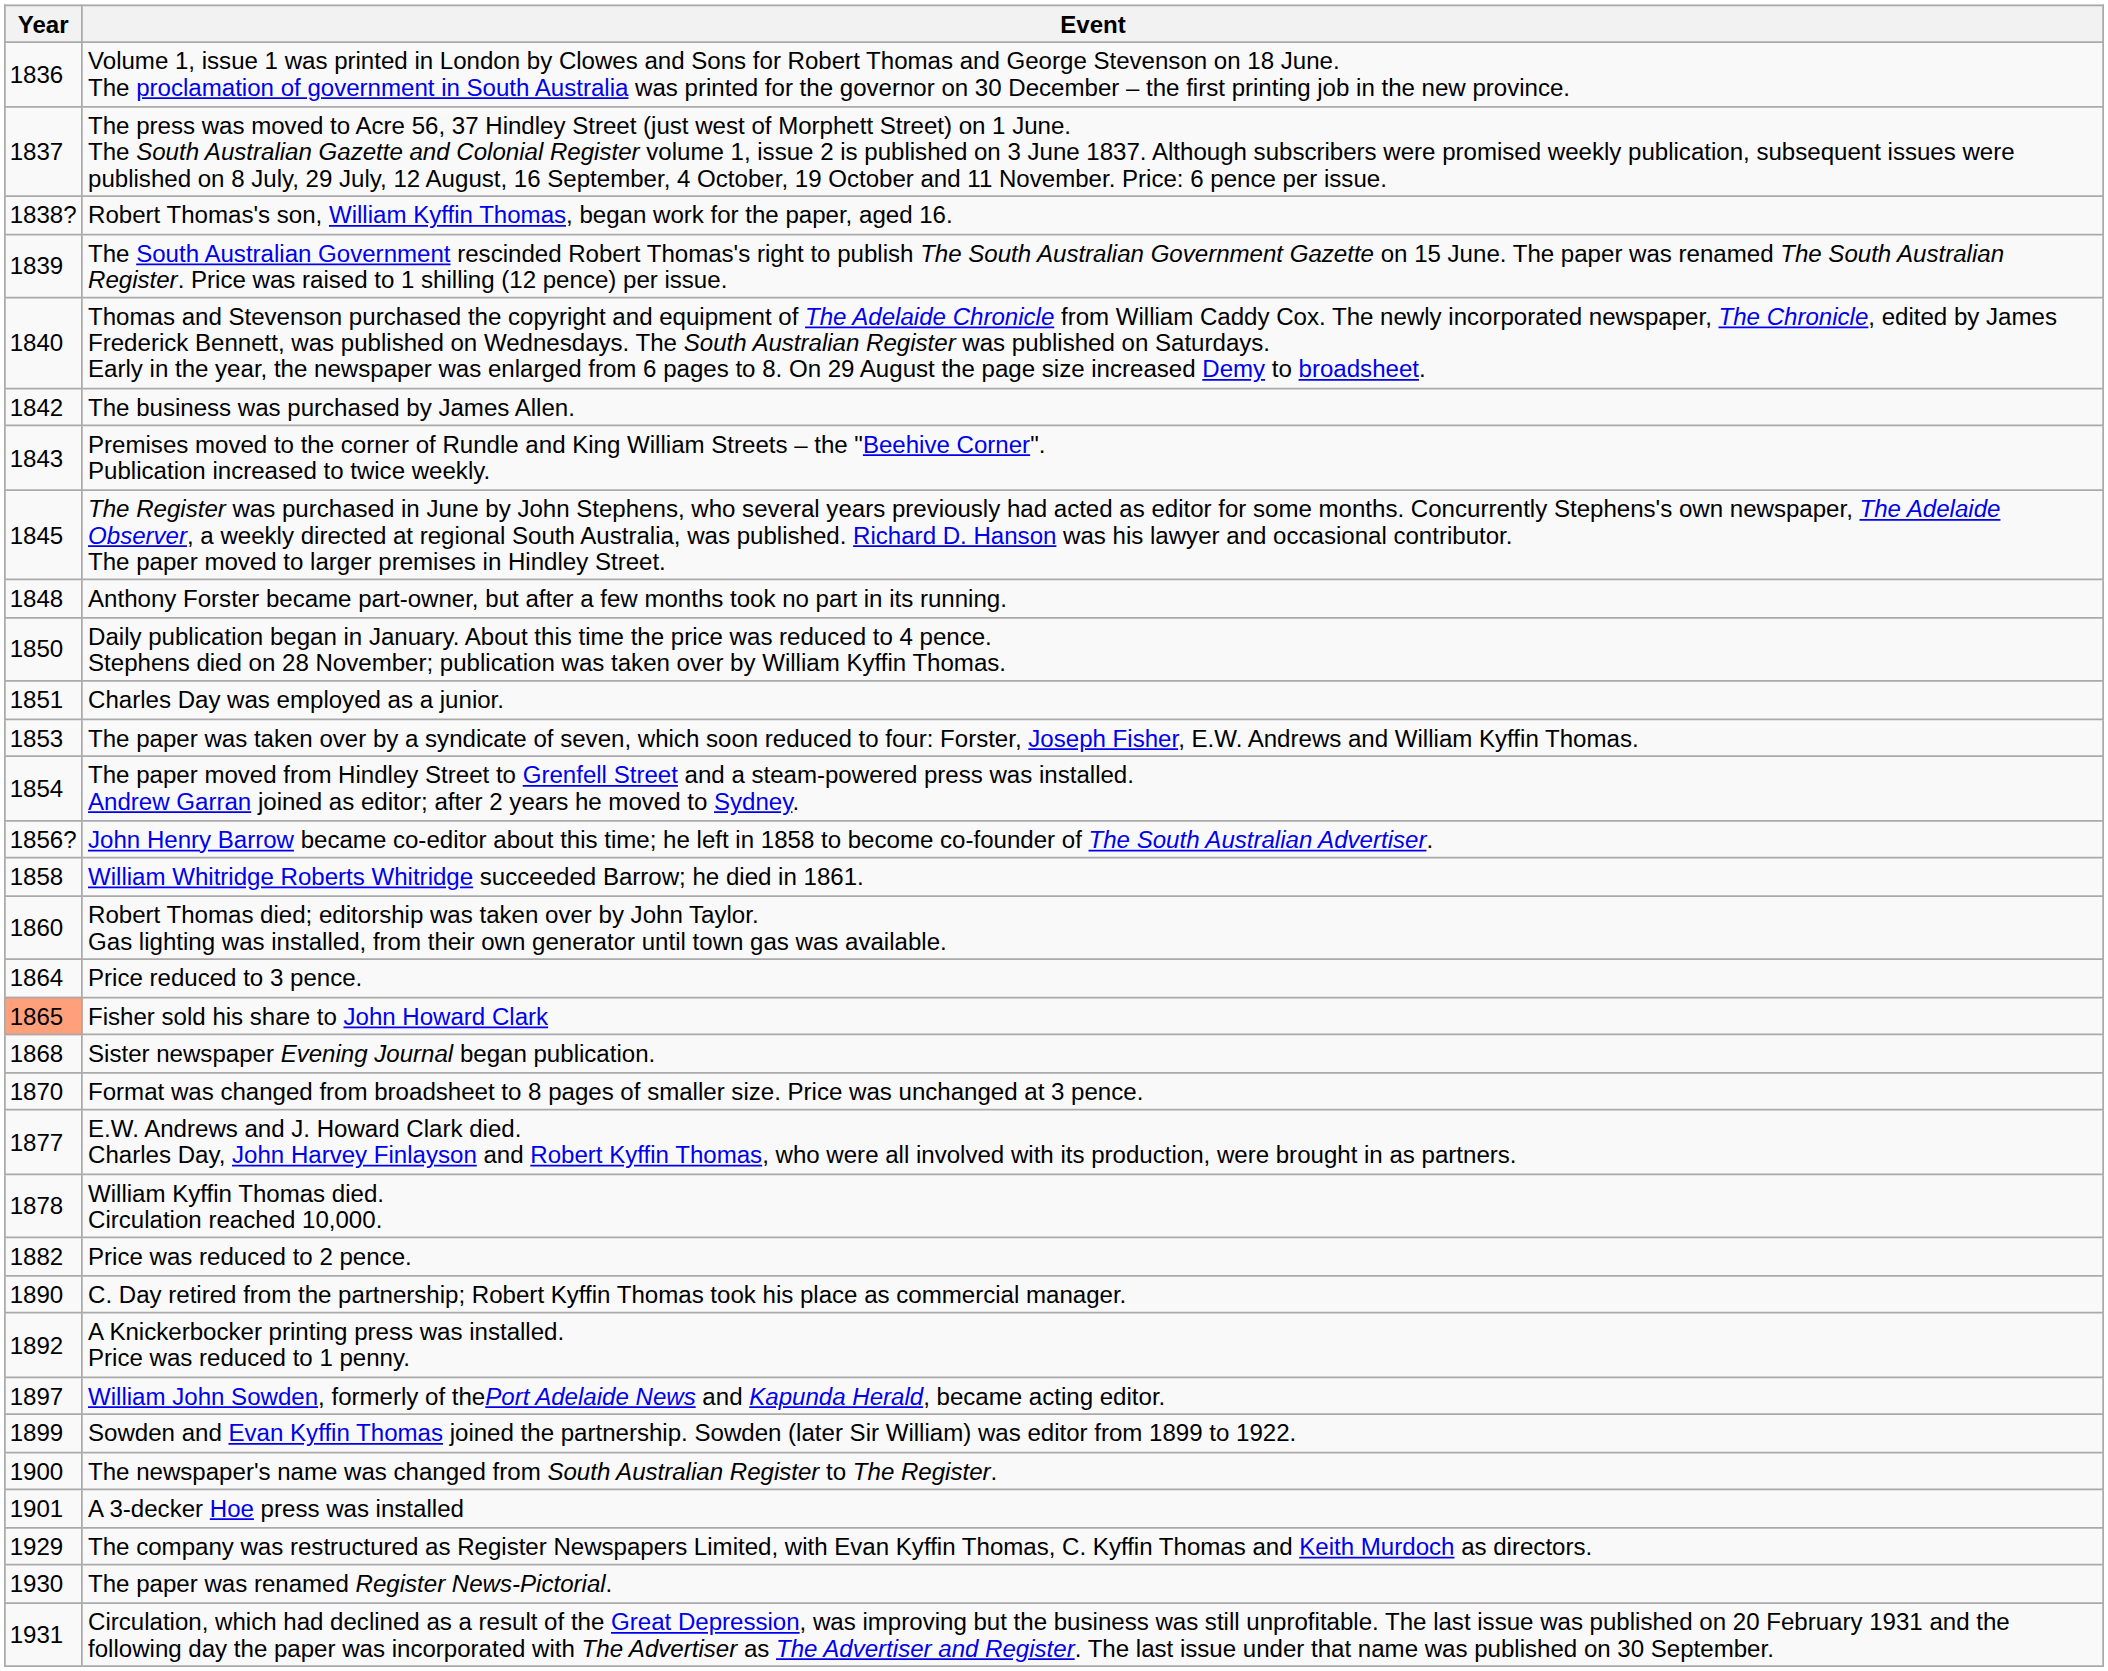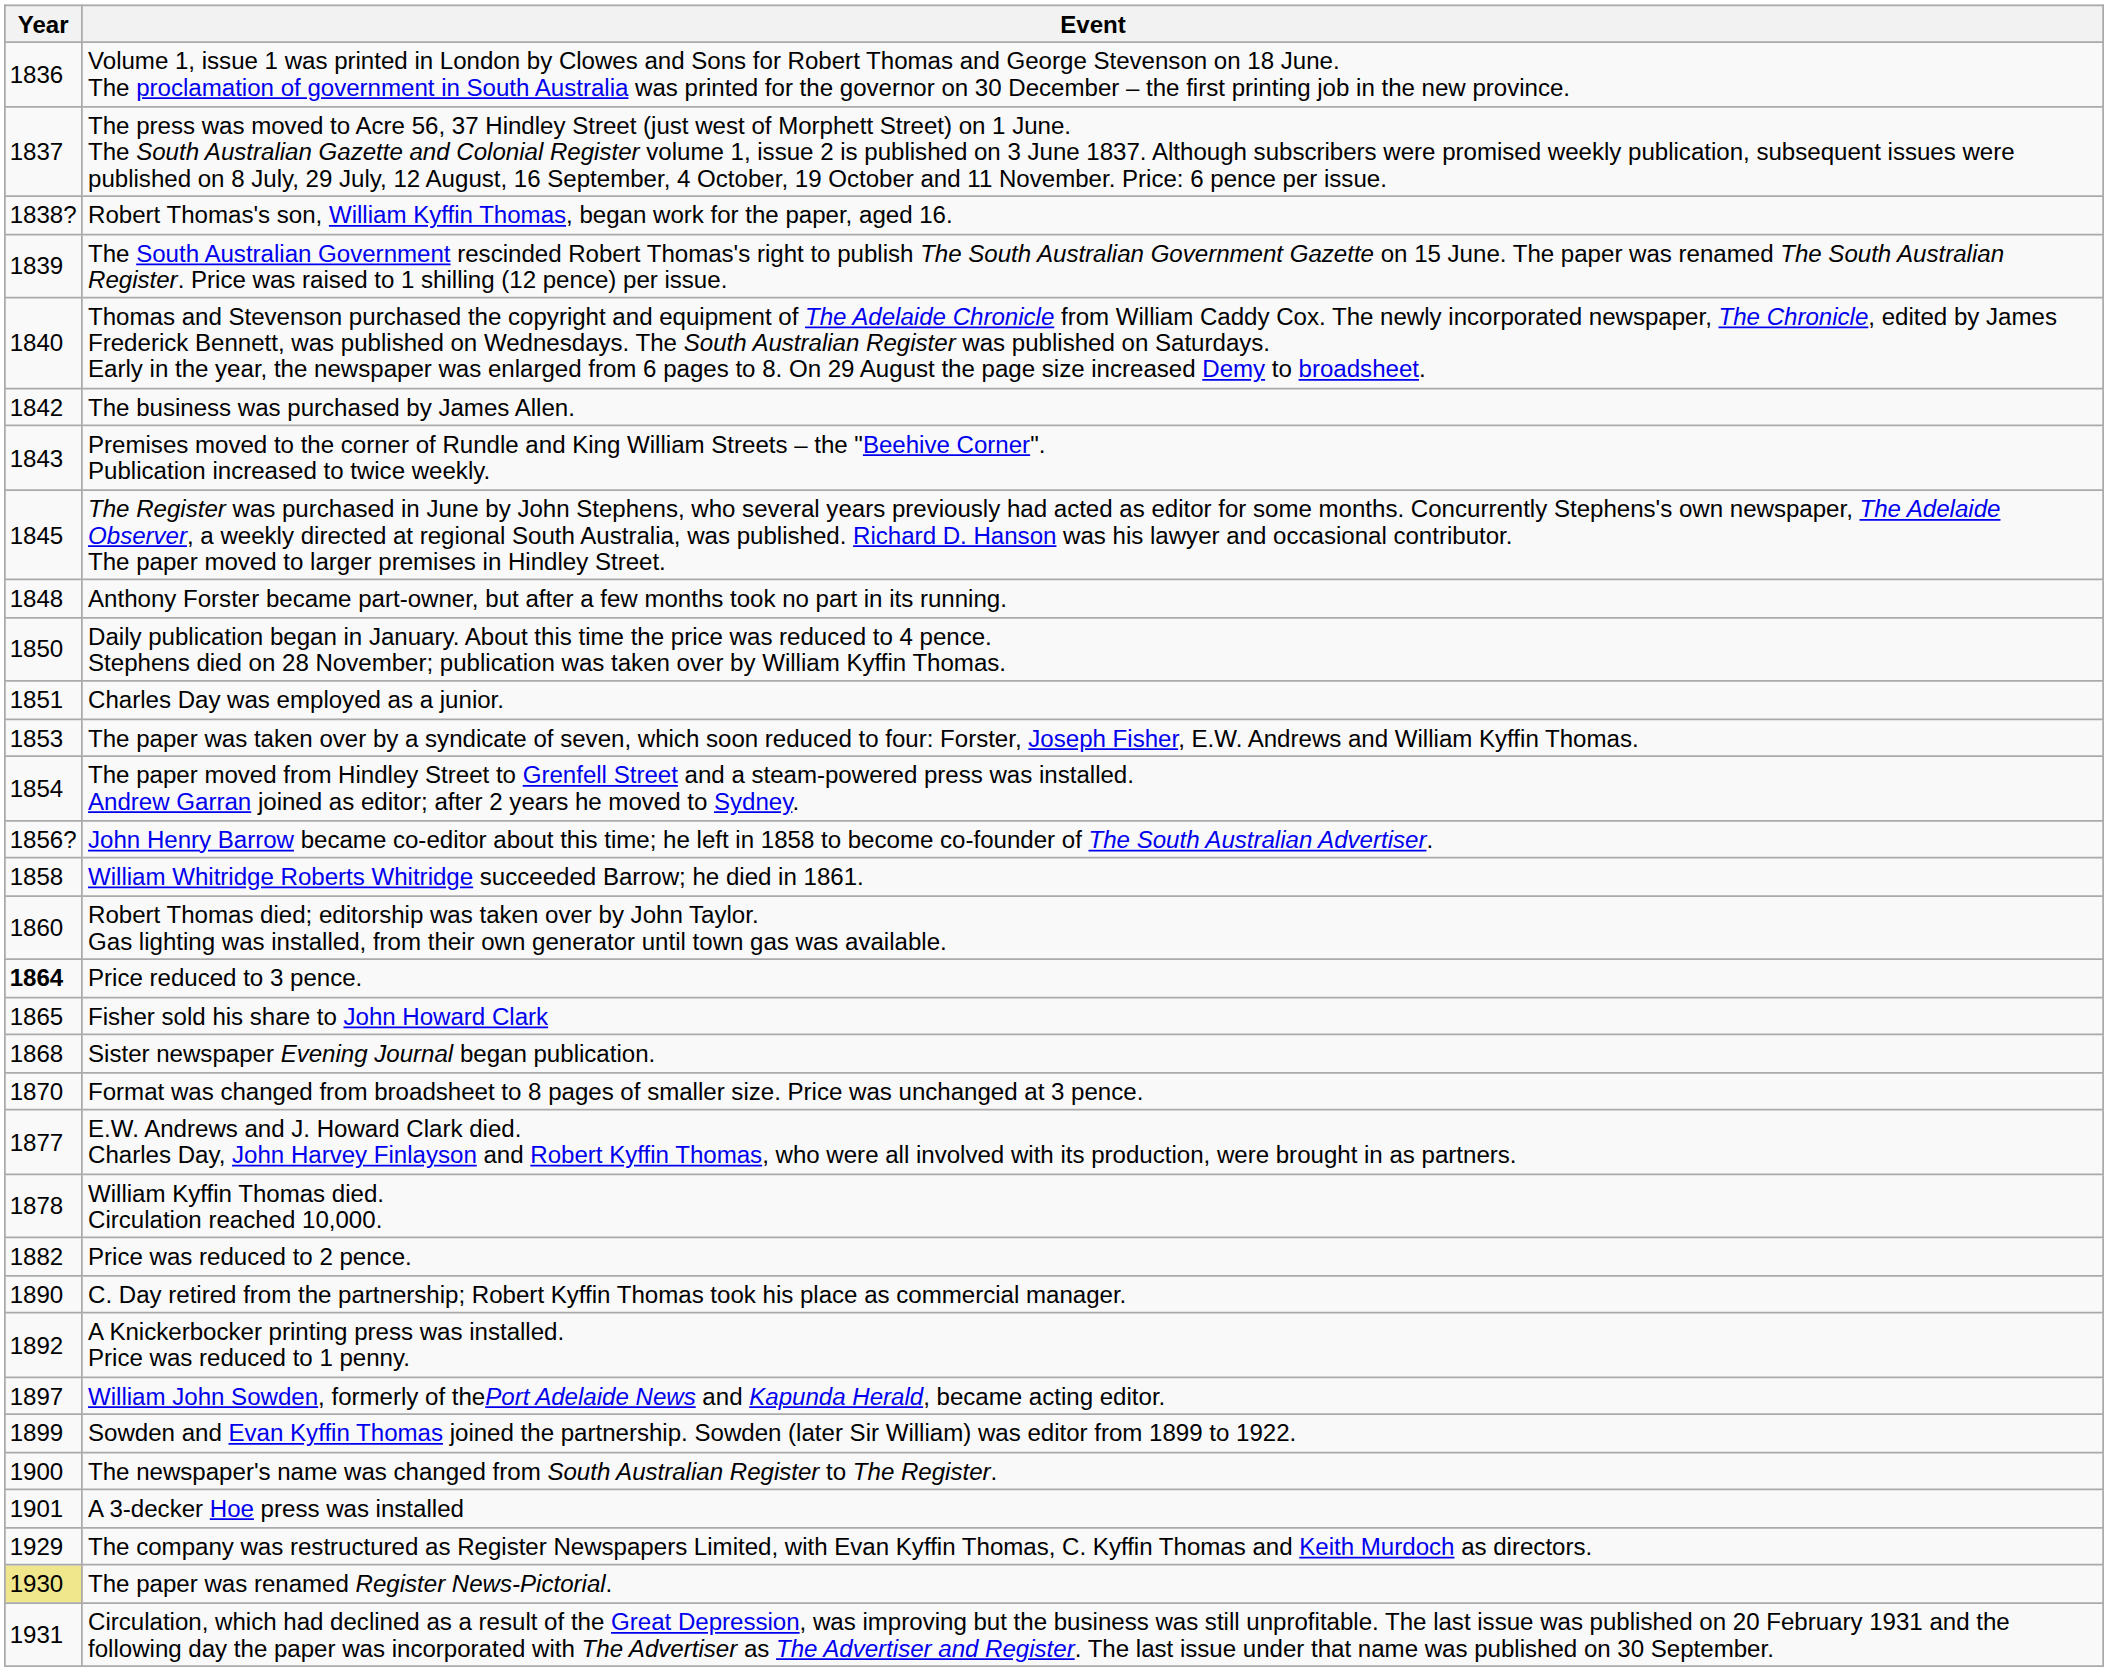 <table class= "wikitable vertical-align-top floatleft mw-collapsible mw-uncollapsed" border= "1" style= "width:95%; font-size: 86%; float:left; margin-left:2em; margin-right:2em; margin-bottom:2em">
 <tr>
 <th scope="col">Year</th>
 <th scope="col">Event</th>
 </tr>
 <tr>
 <td>1836</td>
 <td>Volume 1, issue 1 was printed in London by Clowes and Sons for Robert Thomas and George Stevenson on 18 June.<br>The <a href='#'>proclamation of government in South Australia</a> was printed for the governor on 30 December – the first printing job in the new province.</td>
 </tr>
 <tr>
 <td>1837</td>
 <td>The press was moved to Acre 56, 37 Hindley Street (just west of Morphett Street) on 1 June.<br>The <em>South Australian Gazette and Colonial Register</em> volume 1, issue 2 is published on 3 June 1837. Although subscribers were promised weekly publication, subsequent issues were published on 8 July, 29 July, 12 August, 16 September, 4 October, 19 October and 11 November. Price: 6 pence per issue.</td>
 </tr>
 <tr>
 <td>1838?</td>
 <td>Robert Thomas's son, <a href='#'>William Kyffin Thomas</a>, began work for the paper, aged 16.</td>
 </tr>
 <tr>
 <td>1839</td>
 <td>The <a href='#'>South Australian Government</a> rescinded Robert Thomas's right to publish <em>The South Australian Government Gazette</em> on 15 June. The paper was renamed <em>The South Australian Register</em>. Price was raised to 1 shilling (12 pence) per issue.</td>
 </tr>
 <tr>
 <td>1840</td>
 <td>Thomas and Stevenson purchased the copyright and equipment of <em><a href='#'>The Adelaide Chronicle</a></em> from William Caddy Cox. The newly incorporated newspaper, <em><a href='#'>The Chronicle</a></em>, edited by James Frederick Bennett, was published on Wednesdays. The <em>South Australian Register</em> was published on Saturdays.<br>Early in the year, the newspaper was enlarged from 6 pages to 8. On 29 August the page size increased <a href='#'>Demy</a> to <a href='#'>broadsheet</a>.</td>
 </tr>
 <tr>
 <td>1842</td>
 <td>The business was purchased by James Allen.</td>
 </tr>
 <tr>
 <td>1843</td>
 <td>Premises moved to the corner of Rundle and King William Streets – the "<a href='#'>Beehive Corner</a>".<br>Publication increased to twice weekly.</td>
 </tr>
 <tr>
 <td>1845</td>
 <td><em>The Register</em> was purchased in June by John Stephens, who several years previously had acted as editor for some months. Concurrently Stephens's own newspaper, <em><a href='#'>The Adelaide Observer</a></em>, a weekly directed at regional South Australia, was published. <a href='#'>Richard D. Hanson</a> was his lawyer and occasional contributor.<br>The paper moved to larger premises in Hindley Street.</td>
 </tr>
 <tr>
 <td>1848</td>
 <td>Anthony Forster became part-owner, but after a few months took no part in its running.</td>
 </tr>
 <tr>
 <td>1850</td>
 <td>Daily publication began in January. About this time the price was reduced to 4 pence.<br>Stephens died on 28 November; publication was taken over by William Kyffin Thomas.</td>
 </tr>
 <tr>
 <td>1851</td>
 <td>Charles Day was employed as a junior.</td>
 </tr>
 <tr>
 <td>1853</td>
 <td>The paper was taken over by a syndicate of seven, which soon reduced to four: Forster, <a href='#'>Joseph Fisher</a>, E.W. Andrews and William Kyffin Thomas.</td>
 </tr>
 <tr>
 <td>1854</td>
 <td>The paper moved from Hindley Street to <a href='#'>Grenfell Street</a> and a steam-powered press was installed.<br><a href='#'>Andrew Garran</a> joined as editor; after 2 years he moved to <a href='#'>Sydney</a>.</td>
 </tr>
 <tr>
 <td>1856?</td>
 <td><a href='#'>John Henry Barrow</a> became co-editor about this time; he left in 1858 to become co-founder of <em><a href='#'>The South Australian Advertiser</a></em>.</td>
 </tr>
 <tr>
 <td>1858</td>
 <td><a href='#'>William Whitridge Roberts Whitridge</a> succeeded Barrow; he died in 1861.</td>
 </tr>
 <tr>
 <td>1860</td>
 <td>Robert Thomas died; editorship was taken over by John Taylor.<br>Gas lighting was installed, from their own generator until town gas was available.</td>
 </tr>
 <tr>
-<td>1864</td>
+<td><strong>1864</strong></td>
 <td>Price reduced to 3 pence.</td>
 </tr>
 <tr>
-<td style="background: lightsalmon;">1865</td>
+<td>1865</td>
 <td>Fisher sold his share to <a href='#'>John Howard Clark</a></td>
 </tr>
 <tr>
 <td>1868</td>
 <td>Sister newspaper <em>Evening Journal</em> began publication.</td>
 </tr>
 <tr>
 <td>1870</td>
 <td>Format was changed from broadsheet to 8 pages of smaller size. Price was unchanged at 3 pence.</td>
 </tr>
 <tr>
 <td>1877</td>
 <td>E.W. Andrews and J. Howard Clark died.<br>Charles Day, <a href='#'>John Harvey Finlayson</a> and <a href='#'>Robert Kyffin Thomas</a>, who were all involved with its production, were brought in as partners.</td>
 </tr>
 <tr>
 <td>1878</td>
 <td>William Kyffin Thomas died.<br>Circulation reached 10,000.</td>
 </tr>
 <tr>
 <td>1882</td>
 <td>Price was reduced to 2 pence.</td>
 </tr>
 <tr>
 <td>1890</td>
 <td>C. Day retired from the partnership; Robert Kyffin Thomas took his place as commercial manager.</td>
 </tr>
 <tr>
 <td>1892</td>
 <td>A Knickerbocker printing press was installed.<br>Price was reduced to 1 penny.</td>
 </tr>
 <tr>
 <td>1897</td>
 <td><a href='#'>William John Sowden</a>, formerly of the<em><a href='#'>Port Adelaide News</a></em> and <em><a href='#'>Kapunda Herald</a></em>, became acting editor.</td>
 </tr>
 <tr>
 <td>1899</td>
 <td>Sowden and <a href='#'>Evan Kyffin Thomas</a> joined the partnership. Sowden (later Sir William) was editor from 1899 to 1922.</td>
 </tr>
 <tr>
 <td>1900</td>
 <td>The newspaper's name was changed from <em>South Australian Register</em> to <em>The Register</em>.</td>
 </tr>
 <tr>
 <td>1901</td>
 <td>A 3-decker <a href='#'>Hoe</a> press was installed</td>
 </tr>
 <tr>
 <td>1929</td>
 <td>The company was restructured as Register Newspapers Limited, with Evan Kyffin Thomas, C. Kyffin Thomas and <a href='#'>Keith Murdoch</a> as directors.</td>
 </tr>
 <tr>
-<td>1930</td>
+<td style="background: khaki;">1930</td>
 <td>The paper was renamed <em>Register News-Pictorial</em>.</td>
 </tr>
 <tr>
 <td>1931</td>
 <td>Circulation, which had declined as a result of the <a href='#'>Great Depression</a>, was improving but the business was still unprofitable. The last issue was published on 20 February 1931 and the following day the paper was incorporated with <em>The Advertiser</em> as <a href='#'><em>The Advertiser and Register</em></a>. The last issue under that name was published on 30 September.</td>
 </tr>
 </table>
